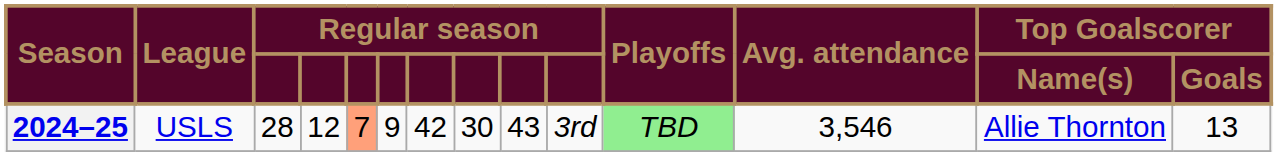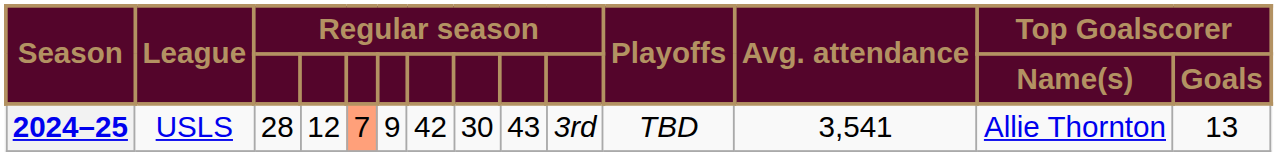 <table class="wikitable" style="text-align: center;">
 <tr>
 <th rowspan=2 style="background:#54052B; color:#B39262; border:2px solid #B39262;" scope=col>Season</th>
 <th rowspan=2 style="background:#54052B; color:#B39262; border:2px solid #B39262;" scope=col>League</th>
 <th colspan=8 style="background:#54052B; color:#B39262; border:2px solid #B39262;">Regular season</th>
 <th rowspan=2 style="background:#54052B; color:#B39262; border:2px solid #B39262;" scope=col>Playoffs</th>
 <th rowspan=2 style="background:#54052B; color:#B39262; border:2px solid #B39262;" scope=col>Avg. attendance</th>
 <th colspan=2 style="background:#54052B; color:#B39262; border:2px solid #B39262;">Top Goalscorer</th>
 </tr>
 <tr>
 <th style="background:#54052B; color:#B39262; border:2px solid #B39262;" scope=col></th>
 <th style="background:#54052B; color:#B39262; border:2px solid #B39262;" scope=col></th>
 <th style="background:#54052B; color:#B39262; border:2px solid #B39262;" scope=col></th>
 <th style="background:#54052B; color:#B39262; border:2px solid #B39262;" scope=col></th>
 <th style="background:#54052B; color:#B39262; border:2px solid #B39262;" scope=col></th>
 <th style="background:#54052B; color:#B39262; border:2px solid #B39262;" scope=col></th>
 <th style="background:#54052B; color:#B39262; border:2px solid #B39262;" scope=col></th>
 <th style="background:#54052B; color:#B39262; border:2px solid #B39262;" scope=col></th>
 <th style="background:#54052B; color:#B39262; border:2px solid #B39262;" scope=col>Name(s)</th>
 <th style="background:#54052B; color:#B39262; border:2px solid #B39262;" scope=col>Goals</th>
 </tr>
 <tr>
 <th><a href='#'>2024–25</a></th>
 <td><a href='#'>USLS</a></td>
 <td>28</td>
 <td>12</td>
 <td style="background: lightsalmon;">7</td>
 <td>9</td>
 <td>42</td>
 <td>30</td>
 <td>43</td>
 <td><em>3rd</em></td>
-<td style="background: lightgreen;"><em>TBD</em></td>
-<td>3,546</td>
+<td><em>TBD</em></td>
+<td>3,541</td>
 <td> <a href='#'>Allie Thornton</a></td>
 <td>13</td>
 </tr>
 </table>
